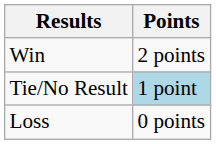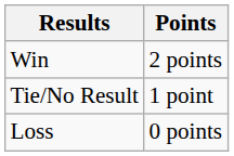 <table class="wikitable">
 <tr>
 <th>Results</th>
 <th>Points</th>
 </tr>
 <tr>
 <td>Win</td>
 <td>2 points</td>
 </tr>
 <tr>
 <td>Tie/No Result</td>
-<td style="background: lightblue;">1 point</td>
+<td>1 point</td>
 </tr>
 <tr>
 <td>Loss</td>
 <td>0 points</td>
 </tr>
 </table>
